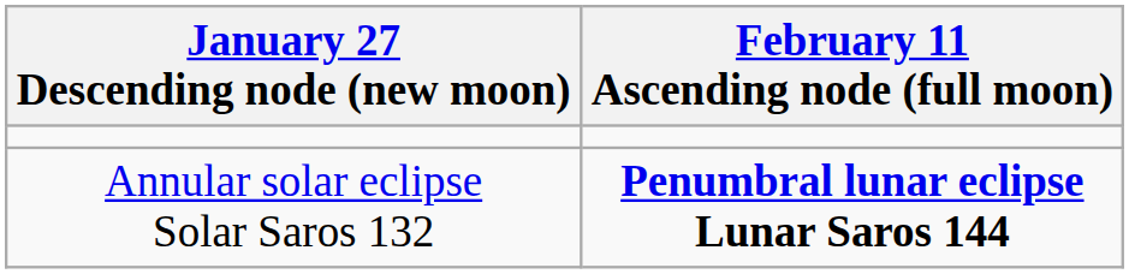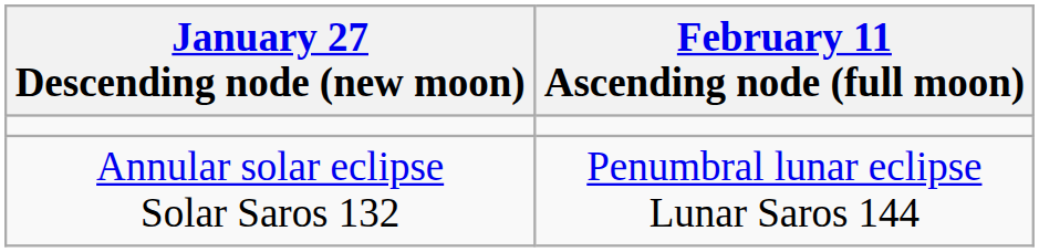 <table class="wikitable">
 <tr>
 <th><a href='#'>January 27</a><br>Descending node (new moon)<br></th>
 <th><a href='#'>February 11</a><br>Ascending node (full moon)<br></th>
 </tr>
 <tr>
 <td></td>
 <td></td>
 </tr>
 <tr align=center>
 <td><a href='#'>Annular solar eclipse</a><br>Solar Saros 132</td>
-<td><strong><a href='#'>Penumbral lunar eclipse</a><br>Lunar Saros 144</strong></td>
+<td><a href='#'>Penumbral lunar eclipse</a><br>Lunar Saros 144</td>
 </tr>
 </table>
